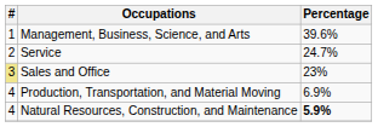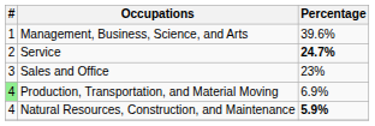 <table class="wikitable">
 <tr>
 <th>#</th>
 <th>Occupations</th>
 <th>Percentage</th>
 </tr>
 <tr>
 <td>1</td>
 <td>Management, Business, Science, and Arts</td>
 <td>39.6%</td>
 </tr>
 <tr>
 <td>2</td>
 <td>Service</td>
-<td>24.7%</td>
+<td><strong>24.7%</strong></td>
 </tr>
 <tr>
-<td style="background: khaki;">3</td>
+<td>3</td>
 <td>Sales and Office</td>
 <td>23%</td>
 </tr>
 <tr>
-<td>4</td>
+<td style="background: lightgreen;">4</td>
 <td>Production, Transportation, and Material Moving</td>
 <td>6.9%</td>
 </tr>
 <tr>
 <td>4</td>
 <td>Natural Resources, Construction, and Maintenance</td>
 <td><strong>5.9%</strong></td>
 </tr>
 <tr>
 </tr>
 </table>
